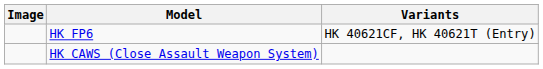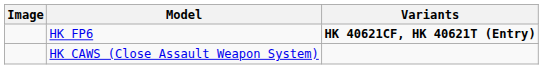 <table class="wikitable" border="1">
 <tr>
 <th>Image</th>
 <th>Model</th>
 <th>Variants</th>
 </tr>
 <tr>
 <td></td>
 <td><a href='#'>HK FP6</a></td>
-<td>HK 40621CF, HK 40621T (Entry)</td>
+<td><strong>HK 40621CF, HK 40621T (Entry)</strong></td>
 </tr>
 <tr>
 <td></td>
 <td><a href='#'>HK CAWS (Close Assault Weapon System)</a></td>
 </tr>
 </table>
